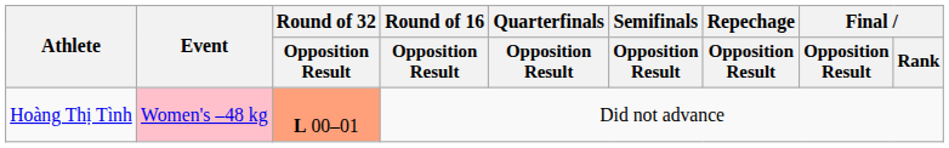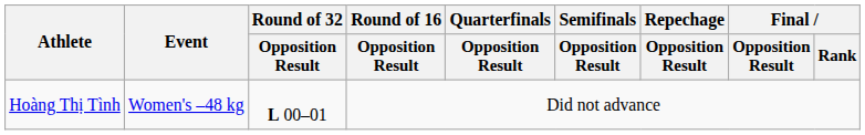 <table class="wikitable" style="font-size:90%">
 <tr>
 <th rowspan="2">Athlete</th>
 <th rowspan="2">Event</th>
 <th>Round of 32</th>
 <th>Round of 16</th>
 <th>Quarterfinals</th>
 <th>Semifinals</th>
 <th>Repechage</th>
 <th colspan=2>Final / </th>
 </tr>
 <tr style="font-size:95%">
 <th>Opposition<br>Result</th>
 <th>Opposition<br>Result</th>
 <th>Opposition<br>Result</th>
 <th>Opposition<br>Result</th>
 <th>Opposition<br>Result</th>
 <th>Opposition<br>Result</th>
 <th>Rank</th>
 </tr>
 <tr align=center>
 <td align=left><a href='#'>Hoàng Thị Tình</a></td>
-<td align=left style="background: pink;"><a href='#'>Women's –48 kg</a></td>
-<td style="background: lightsalmon;"><br><strong>L</strong> 00–01</td>
+<td align=left><a href='#'>Women's –48 kg</a></td>
+<td><br><strong>L</strong> 00–01</td>
 <td colspan=6>Did not advance</td>
 </tr>
 </table>
